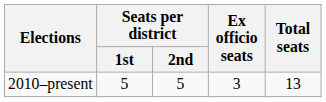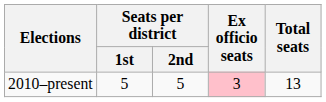 <table class="wikitable">
 <tr>
 <th rowspan="2">Elections</th>
 <th colspan="2">Seats per district</th>
 <th rowspan="2" width="50px">Ex officio seats</th>
 <th rowspan="2" width="50px">Total seats</th>
 </tr>
 <tr>
 <th width="50px">1st</th>
 <th width="50px">2nd</th>
 </tr>
 <tr align="center">
 <td>2010–present</td>
 <td>5</td>
 <td>5</td>
-<td>3</td>
+<td style="background: pink;">3</td>
 <td>13</td>
 </tr>
 </table>
